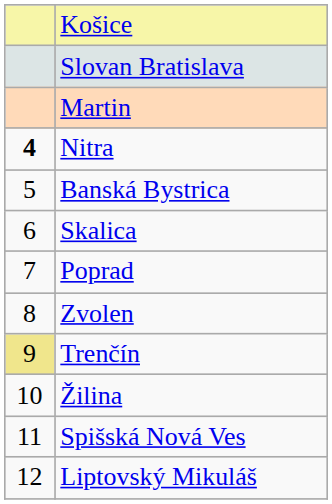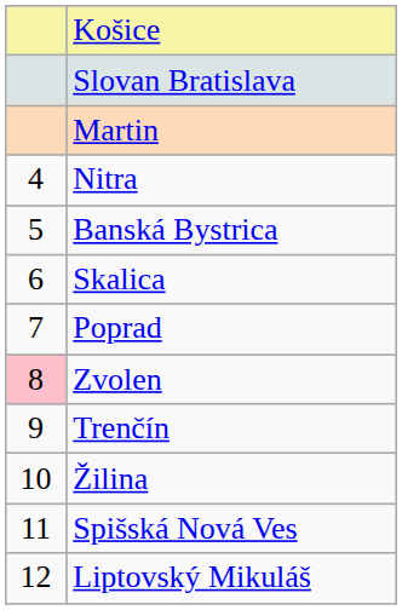 <table class="wikitable" style="width:200px;">
 <tr style="background:#F7F6A8;">
 <td align=center></td>
 <td><a href='#'>Košice</a></td>
 </tr>
 <tr style="background:#DCE5E5;">
 <td align=center></td>
 <td><a href='#'>Slovan Bratislava</a></td>
 </tr>
 <tr style="background:#FFDAB9;">
 <td align=center></td>
 <td><a href='#'>Martin</a></td>
 </tr>
 <tr>
-<td align=center><strong>4</strong></td>
+<td align=center>4</td>
 <td><a href='#'>Nitra</a></td>
 </tr>
 <tr>
 <td align=center>5</td>
 <td><a href='#'>Banská Bystrica</a></td>
 </tr>
 <tr>
 <td align=center>6</td>
 <td><a href='#'>Skalica</a></td>
 </tr>
 <tr>
 <td align=center>7</td>
 <td><a href='#'>Poprad</a></td>
 </tr>
 <tr>
-<td align=center>8</td>
+<td align=center style="background: pink;">8</td>
 <td><a href='#'>Zvolen</a></td>
 </tr>
 <tr>
-<td align=center style="background: khaki;">9</td>
+<td align=center>9</td>
 <td><a href='#'>Trenčín</a></td>
 </tr>
 <tr>
 <td align=center>10</td>
 <td><a href='#'>Žilina</a></td>
 </tr>
 <tr>
 <td align=center>11</td>
 <td><a href='#'>Spišská Nová Ves</a></td>
 </tr>
 <tr>
 <td align=center>12</td>
 <td><a href='#'>Liptovský Mikuláš</a></td>
 </tr>
 </table>
